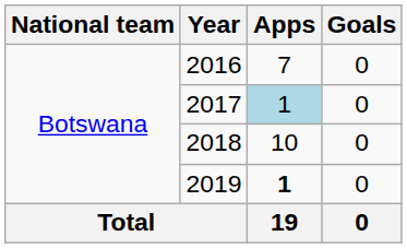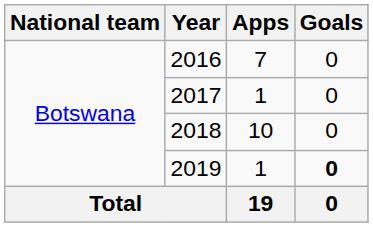 <table class="wikitable" style="text-align:center">
 <tr>
 <th>National team</th>
 <th>Year</th>
 <th>Apps</th>
 <th>Goals</th>
 </tr>
 <tr>
 <td rowspan="4"><a href='#'>Botswana</a></td>
 <td>2016</td>
 <td>7</td>
 <td>0</td>
 </tr>
 <tr>
 <td>2017</td>
-<td style="background: lightblue;">1</td>
+<td>1</td>
 <td>0</td>
 </tr>
 <tr>
 <td>2018</td>
 <td>10</td>
 <td>0</td>
 </tr>
 <tr>
 <td>2019</td>
-<td><strong>1</strong></td>
-<td>0</td>
+<td>1</td>
+<td><strong>0</strong></td>
 </tr>
 <tr>
 <th colspan=2>Total</th>
 <th>19</th>
 <th>0</th>
 </tr>
 </table>
